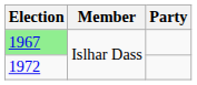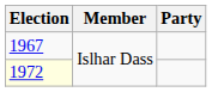 <table class="wikitable sortable">
 <tr>
 <th>Election</th>
 <th>Member</th>
 <th colspan=2>Party</th>
 </tr>
 <tr>
-<td style="background: lightgreen;"><a href='#'>1967</a></td>
+<td><a href='#'>1967</a></td>
 <td rowspan=2>Islhar Dass</td>
 <td></td>
 </tr>
 <tr>
-<td><a href='#'>1972</a></td>
+<td style="background: lightyellow;"><a href='#'>1972</a></td>
 </tr>
 </table>
